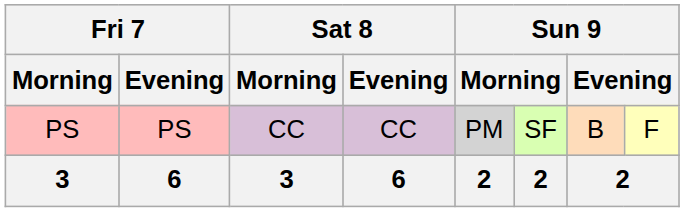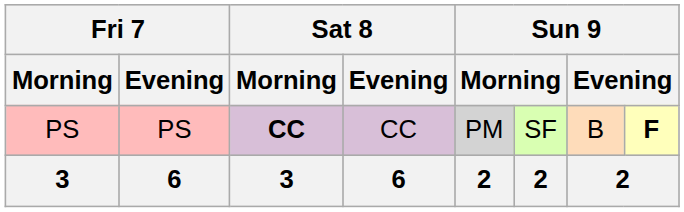 <table class="wikitable" style="margin:0.5em auto; line-height:1.5em;">
 <tr>
 <th colspan="2">Fri 7</th>
 <th colspan="2">Sat 8</th>
 <th colspan="4">Sun 9</th>
 </tr>
 <tr>
 <th>Morning</th>
 <th>Evening</th>
 <th>Morning</th>
 <th>Evening</th>
 <th colspan="2">Morning</th>
 <th colspan="2">Evening</th>
 </tr>
 <tr align=center>
 <td style="background-color:#FFBBBB;">PS</td>
 <td style="background-color:#FFBBBB;">PS</td>
-<td style="background-color:#D8BFD8;">CC</td>
+<td style="background-color:#D8BFD8;"><strong>CC</strong></td>
 <td style="background-color:#D8BFD8;">CC</td>
 <td style="background-color:#D3D3D3;">PM</td>
 <td style="background-color:#D9FFB2;">SF</td>
 <td style="background-color:#FEDCBA;">B</td>
-<td style="background-color:#FFFFBB;">F</td>
+<td style="background-color:#FFFFBB;"><strong>F</strong></td>
 </tr>
 <tr>
 <th>3 </th>
 <th>6 </th>
 <th>3 </th>
 <th>6 </th>
 <th>2 </th>
 <th>2 </th>
 <th colspan="2">2 </th>
 </tr>
 </table>
